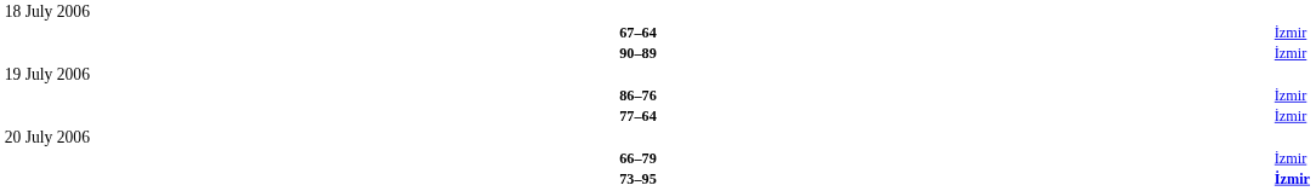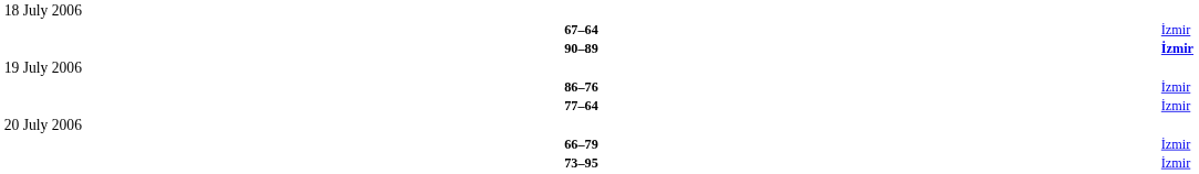 <table style="width:100%;" cellspacing="1">
 <tr>
 <th width=25%></th>
 <th width=3%></th>
 <th width=6%></th>
 <th width=3%></th>
 <th width=25%></th>
 </tr>
 <tr>
 <td>18 July 2006</td>
 </tr>
 <tr style=font-size:90%>
 <td align=right><strong></strong></td>
 <td></td>
 <td align=center><strong>67–64</strong></td>
 <td></td>
 <td><strong></strong></td>
 <td><a href='#'>İzmir</a></td>
 </tr>
 <tr style=font-size:90%>
 <td align=right><strong></strong></td>
 <td></td>
 <td align=center><strong>90–89</strong></td>
 <td></td>
 <td><strong></strong></td>
-<td><a href='#'>İzmir</a></td>
+<td><strong><a href='#'>İzmir</a></strong></td>
 </tr>
 <tr>
 <td>19 July 2006</td>
 </tr>
 <tr style=font-size:90%>
 <td align=right><strong></strong></td>
 <td></td>
 <td align=center><strong>86–76</strong></td>
 <td></td>
 <td><strong></strong></td>
 <td><a href='#'>İzmir</a></td>
 </tr>
 <tr style=font-size:90%>
 <td align=right><strong></strong></td>
 <td></td>
 <td align=center><strong>77–64</strong></td>
 <td></td>
 <td><strong></strong></td>
 <td><a href='#'>İzmir</a></td>
 </tr>
 <tr>
 <td>20 July 2006</td>
 </tr>
 <tr style=font-size:90%>
 <td align=right><strong></strong></td>
 <td></td>
 <td align=center><strong>66–79</strong></td>
 <td></td>
 <td><strong></strong></td>
 <td><a href='#'>İzmir</a></td>
 </tr>
 <tr style=font-size:90%>
 <td align=right><strong></strong></td>
 <td></td>
 <td align=center><strong>73–95</strong></td>
 <td></td>
 <td><strong></strong></td>
-<td><strong><a href='#'>İzmir</a></strong></td>
+<td><a href='#'>İzmir</a></td>
 </tr>
 </table>
